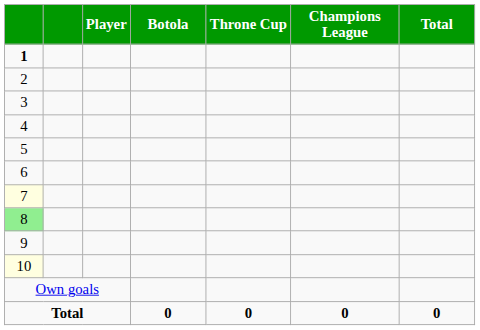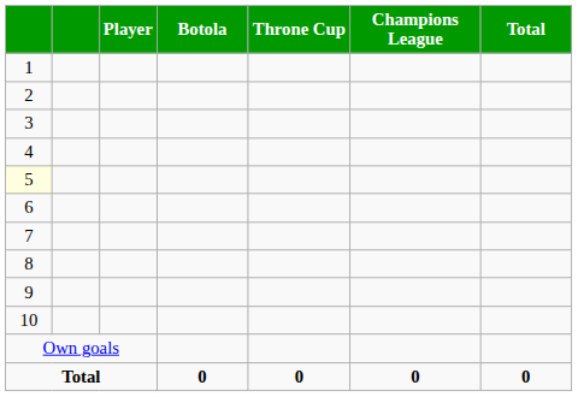 <table class="wikitable sortable" style="text-align:center">
 <tr>
 <th style="background:#009900; color:white; width:35px;"></th>
 <th style="background:#009900; color:white; width:35px;"></th>
 <th style="background:#009900; color:white;">Player</th>
 <th style="background:#009900; color:white; width:75px;">Botola</th>
 <th style="background:#009900; color:white; width:85px;">Throne Cup</th>
 <th style="background:#009900; color:white; width:110px;">Champions League</th>
 <th style="background:#009900; color:white; width:75px;">Total</th>
 </tr>
 <tr>
-<td rowspan="-"><strong>1</strong></td>
+<td rowspan="-">1</td>
 <td></td>
 <td style="text-align:left;"></td>
 <td rowspan="-"></td>
 <td rowspan="-"></td>
 <td rowspan="-"></td>
 <td rowspan="-"></td>
 </tr>
 <tr>
 <td rowspan="-">2</td>
 <td></td>
 <td style="text-align:left;"></td>
 <td rowspan="-"></td>
 <td rowspan="-"></td>
 <td rowspan="-"></td>
 <td rowspan="-"></td>
 </tr>
 <tr>
 <td rowspan="-">3</td>
 <td></td>
 <td style="text-align:left;"></td>
 <td rowspan="-"></td>
 <td rowspan="-"></td>
 <td rowspan="-"></td>
 <td rowspan="-"></td>
 </tr>
 <tr>
 <td rowspan="-">4</td>
 <td></td>
 <td style="text-align:left;"></td>
 <td rowspan="-"></td>
 <td rowspan="-"></td>
 <td rowspan="-"></td>
 <td rowspan="-"></td>
 </tr>
 <tr>
-<td rowspan="-">5</td>
+<td rowspan="-" style="background: lightyellow;">5</td>
 <td></td>
 <td style="text-align:left;"></td>
 <td rowspan="-"></td>
 <td rowspan="-"></td>
 <td rowspan="-"></td>
 <td rowspan="-"></td>
 </tr>
 <tr>
 <td rowspan="-">6</td>
 <td></td>
 <td style="text-align:left;"></td>
 <td></td>
 <td></td>
 <td></td>
 <td></td>
 </tr>
 <tr>
-<td rowspan="-" style="background: lightyellow;">7</td>
+<td rowspan="-">7</td>
 <td></td>
 <td style="text-align:left;"></td>
 <td rowspan="-"></td>
 <td rowspan="-"></td>
 <td rowspan="-"></td>
 <td rowspan="-"></td>
 </tr>
 <tr>
-<td style="background: lightgreen;">8</td>
+<td>8</td>
 <td></td>
 <td style="text-align:left;"></td>
 <td></td>
 <td></td>
 <td></td>
 <td></td>
 </tr>
 <tr>
 <td>9</td>
 <td></td>
 <td style="text-align:left;"></td>
 <td></td>
 <td></td>
 <td></td>
 <td></td>
 </tr>
 <tr>
-<td style="background: lightyellow;">10</td>
+<td>10</td>
 <td></td>
 <td style="text-align:left;"></td>
 <td></td>
 <td></td>
 <td></td>
 <td></td>
 </tr>
 <tr>
 <td colspan="3"><a href='#'>Own goals</a></td>
 <td rowspan="-"></td>
 <td rowspan="-"></td>
 <td rowspan="-"></td>
 <td rowspan="-"></td>
 </tr>
 <tr class="sortbottom">
 <td colspan="3"><strong>Total</strong></td>
 <td rowspan="-"><strong>0</strong></td>
 <td rowspan="-"><strong>0</strong></td>
 <td rowspan="-"><strong>0</strong></td>
 <td rowspan="-"><strong>0</strong></td>
 </tr>
 </table>
